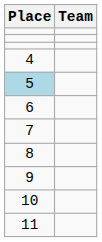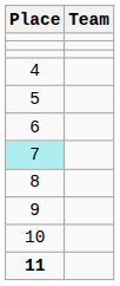 <table class="wikitable">
 <tr>
 <th>Place</th>
 <th>Team</th>
 </tr>
 <tr>
 <td align=center></td>
 <td></td>
 </tr>
 <tr>
 <td align=center></td>
 <td></td>
 </tr>
 <tr>
 <td align=center></td>
 <td></td>
 </tr>
 <tr>
 <td align=center>4</td>
 <td></td>
 </tr>
 <tr>
-<td align=center style="background: lightblue;">5</td>
+<td align=center>5</td>
 <td></td>
 </tr>
 <tr>
 <td align=center>6</td>
 <td></td>
 </tr>
 <tr>
-<td align=center>7</td>
+<td align=center style="background: paleturquoise;">7</td>
 <td></td>
 </tr>
 <tr>
 <td align=center>8</td>
 <td></td>
 </tr>
 <tr>
 <td align=center>9</td>
 <td></td>
 </tr>
 <tr>
 <td align=center>10</td>
 <td></td>
 </tr>
 <tr>
-<td align=center>11</td>
+<td align=center><strong>11</strong></td>
 <td></td>
 </tr>
 </table>
